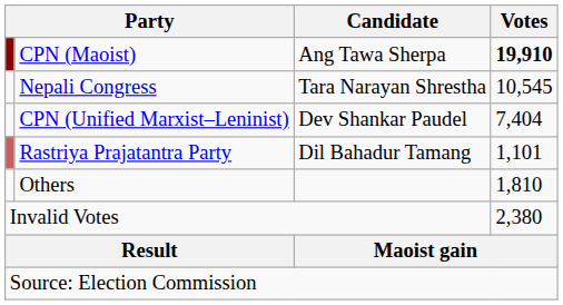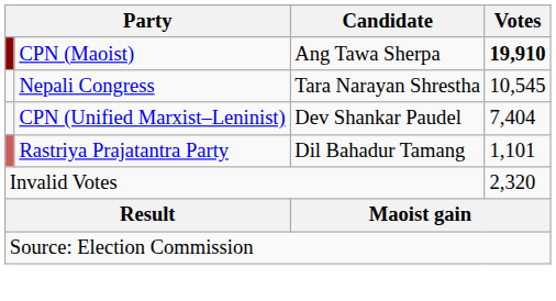 <table class="wikitable">
 <tr>
 <th colspan="2">Party</th>
 <th>Candidate</th>
 <th>Votes</th>
 </tr>
 <tr>
 <td style="background-color:darkred"></td>
 <td><a href='#'>CPN (Maoist)</a></td>
 <td>Ang Tawa Sherpa</td>
 <td><strong>19,910</strong></td>
 </tr>
 <tr>
 <td style="background-color:"></td>
 <td><a href='#'>Nepali Congress</a></td>
 <td>Tara Narayan Shrestha</td>
 <td>10,545</td>
 </tr>
 <tr>
 <td style="background-color:"></td>
 <td><a href='#'>CPN (Unified Marxist–Leninist)</a></td>
 <td>Dev Shankar Paudel</td>
 <td>7,404</td>
 </tr>
 <tr>
 <td style="background-color:indianred"></td>
 <td><a href='#'>Rastriya Prajatantra Party</a></td>
 <td>Dil Bahadur Tamang</td>
 <td>1,101</td>
 </tr>
 <tr>
-<td></td>
-<td>Others</td>
-<td></td>
-<td>1,810</td>
-</tr>
-<tr>
 <td colspan="3">Invalid Votes</td>
-<td>2,380</td>
+<td>2,320</td>
 </tr>
 <tr>
 <th colspan="2">Result</th>
 <th colspan="2">Maoist gain</th>
 </tr>
 <tr>
 <td colspan="4">Source: Election Commission</td>
 </tr>
 </table>
